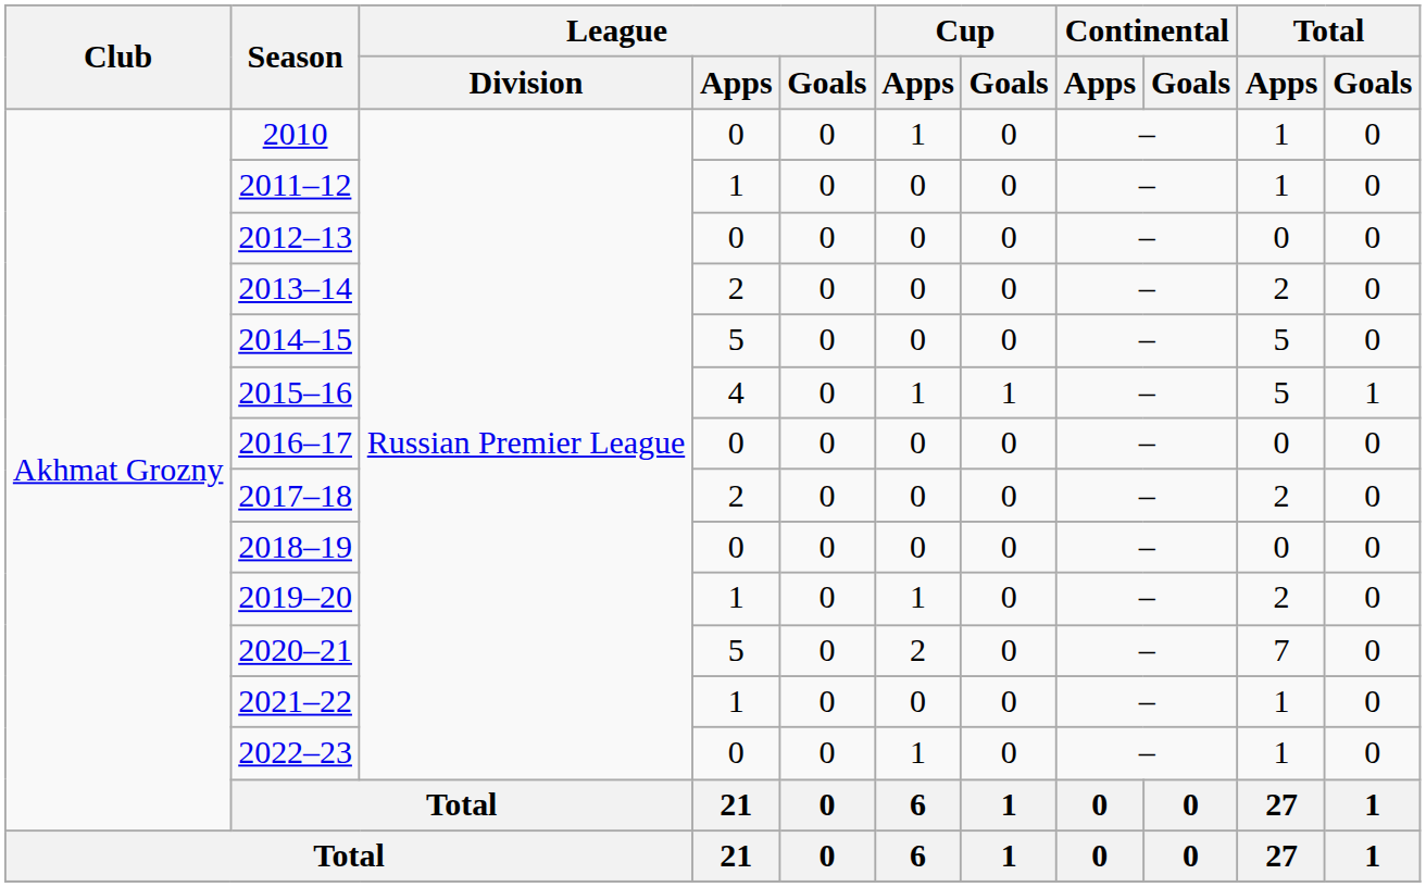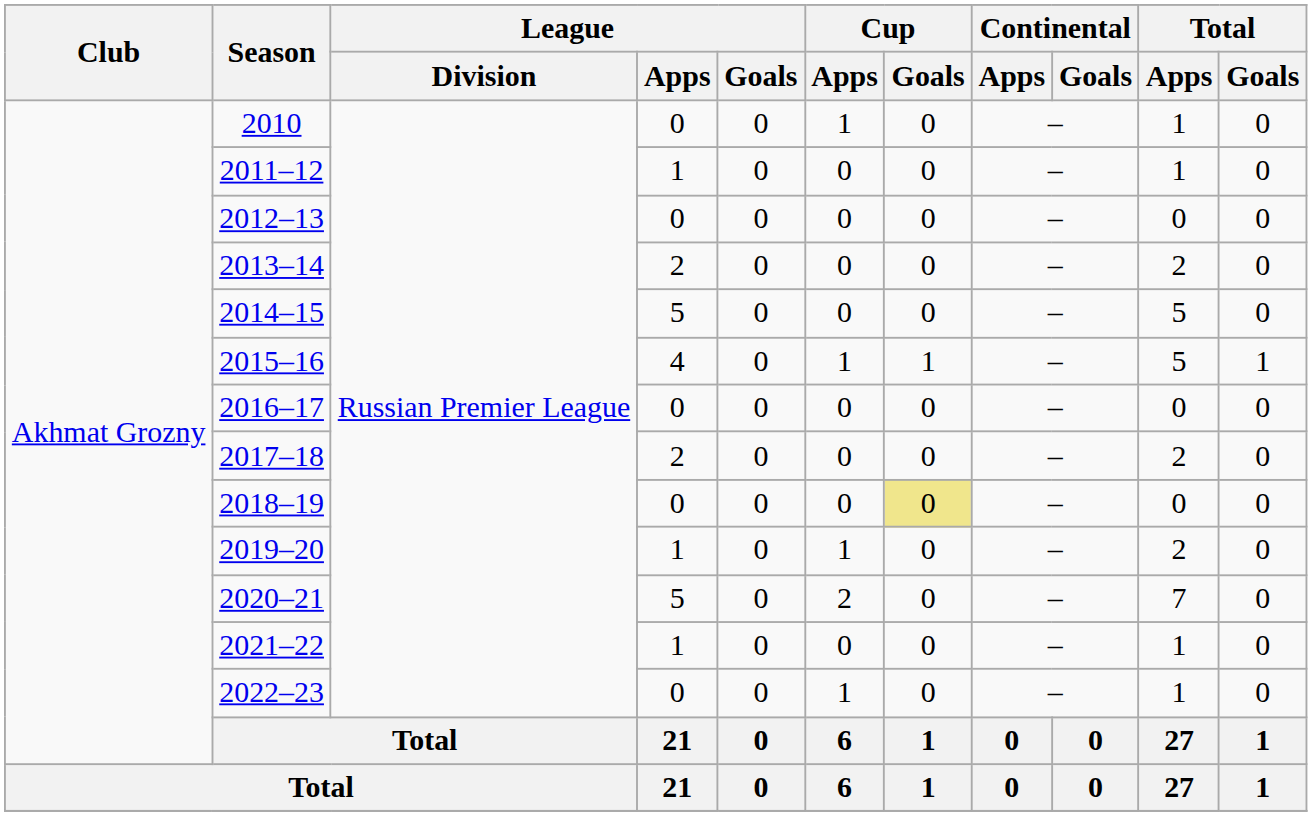 <table class="wikitable" style="text-align: center;">
 <tr>
 <th rowspan=2>Club</th>
 <th rowspan=2>Season</th>
 <th colspan=3>League</th>
 <th colspan=2>Cup</th>
 <th colspan=2>Continental</th>
 <th colspan=2>Total</th>
 </tr>
 <tr>
 <th>Division</th>
 <th>Apps</th>
 <th>Goals</th>
 <th>Apps</th>
 <th>Goals</th>
 <th>Apps</th>
 <th>Goals</th>
 <th>Apps</th>
 <th>Goals</th>
 </tr>
 <tr>
 <td rowspan=14><a href='#'>Akhmat Grozny</a></td>
 <td><a href='#'>2010</a></td>
 <td rowspan=13><a href='#'>Russian Premier League</a></td>
 <td>0</td>
 <td>0</td>
 <td>1</td>
 <td>0</td>
 <td colspan=2>–</td>
 <td>1</td>
 <td>0</td>
 </tr>
 <tr>
 <td><a href='#'>2011–12</a></td>
 <td>1</td>
 <td>0</td>
 <td>0</td>
 <td>0</td>
 <td colspan=2>–</td>
 <td>1</td>
 <td>0</td>
 </tr>
 <tr>
 <td><a href='#'>2012–13</a></td>
 <td>0</td>
 <td>0</td>
 <td>0</td>
 <td>0</td>
 <td colspan=2>–</td>
 <td>0</td>
 <td>0</td>
 </tr>
 <tr>
 <td><a href='#'>2013–14</a></td>
 <td>2</td>
 <td>0</td>
 <td>0</td>
 <td>0</td>
 <td colspan=2>–</td>
 <td>2</td>
 <td>0</td>
 </tr>
 <tr>
 <td><a href='#'>2014–15</a></td>
 <td>5</td>
 <td>0</td>
 <td>0</td>
 <td>0</td>
 <td colspan=2>–</td>
 <td>5</td>
 <td>0</td>
 </tr>
 <tr>
 <td><a href='#'>2015–16</a></td>
 <td>4</td>
 <td>0</td>
 <td>1</td>
 <td>1</td>
 <td colspan=2>–</td>
 <td>5</td>
 <td>1</td>
 </tr>
 <tr>
 <td><a href='#'>2016–17</a></td>
 <td>0</td>
 <td>0</td>
 <td>0</td>
 <td>0</td>
 <td colspan=2>–</td>
 <td>0</td>
 <td>0</td>
 </tr>
 <tr>
 <td><a href='#'>2017–18</a></td>
 <td>2</td>
 <td>0</td>
 <td>0</td>
 <td>0</td>
 <td colspan=2>–</td>
 <td>2</td>
 <td>0</td>
 </tr>
 <tr>
 <td><a href='#'>2018–19</a></td>
 <td>0</td>
 <td>0</td>
 <td>0</td>
-<td>0</td>
+<td style="background: khaki;">0</td>
 <td colspan=2>–</td>
 <td>0</td>
 <td>0</td>
 </tr>
 <tr>
 <td><a href='#'>2019–20</a></td>
 <td>1</td>
 <td>0</td>
 <td>1</td>
 <td>0</td>
 <td colspan=2>–</td>
 <td>2</td>
 <td>0</td>
 </tr>
 <tr>
 <td><a href='#'>2020–21</a></td>
 <td>5</td>
 <td>0</td>
 <td>2</td>
 <td>0</td>
 <td colspan=2>–</td>
 <td>7</td>
 <td>0</td>
 </tr>
 <tr>
 <td><a href='#'>2021–22</a></td>
 <td>1</td>
 <td>0</td>
 <td>0</td>
 <td>0</td>
 <td colspan=2>–</td>
 <td>1</td>
 <td>0</td>
 </tr>
 <tr>
 <td><a href='#'>2022–23</a></td>
 <td>0</td>
 <td>0</td>
 <td>1</td>
 <td>0</td>
 <td colspan=2>–</td>
 <td>1</td>
 <td>0</td>
 </tr>
 <tr>
 <th colspan=2>Total</th>
 <th>21</th>
 <th>0</th>
 <th>6</th>
 <th>1</th>
 <th>0</th>
 <th>0</th>
 <th>27</th>
 <th>1</th>
 </tr>
 <tr>
 <th colspan=3>Total</th>
 <th>21</th>
 <th>0</th>
 <th>6</th>
 <th>1</th>
 <th>0</th>
 <th>0</th>
 <th>27</th>
 <th>1</th>
 </tr>
 <tr>
 </tr>
 </table>
